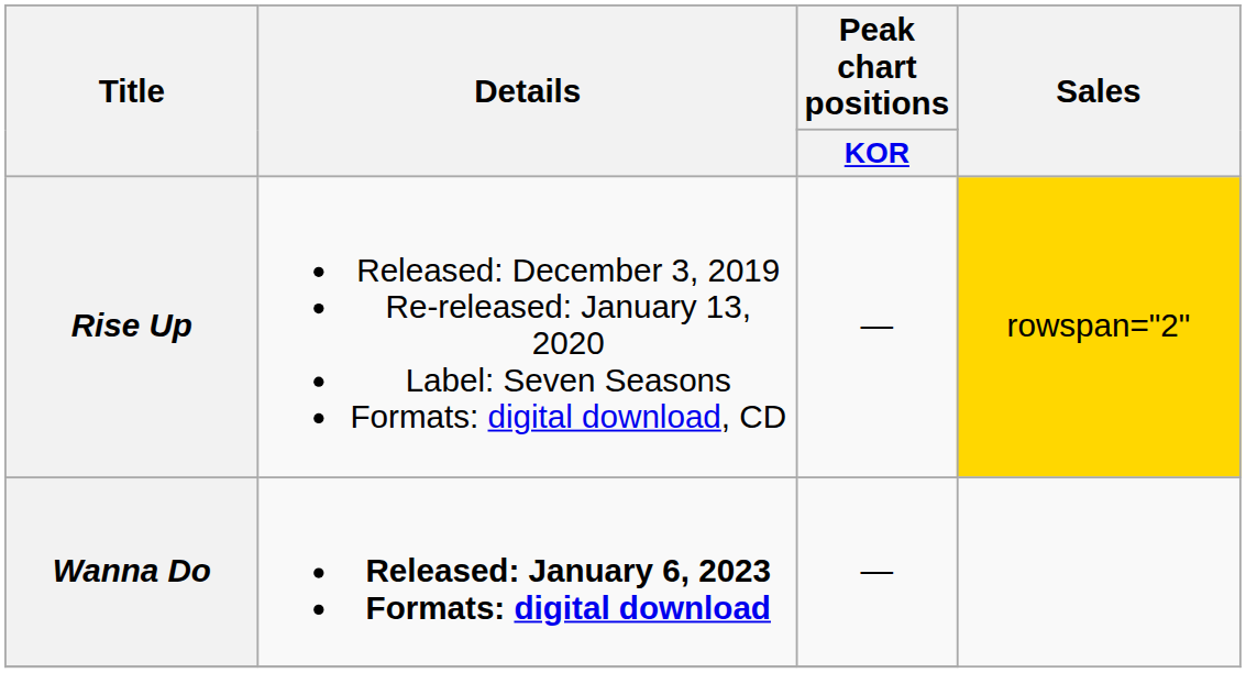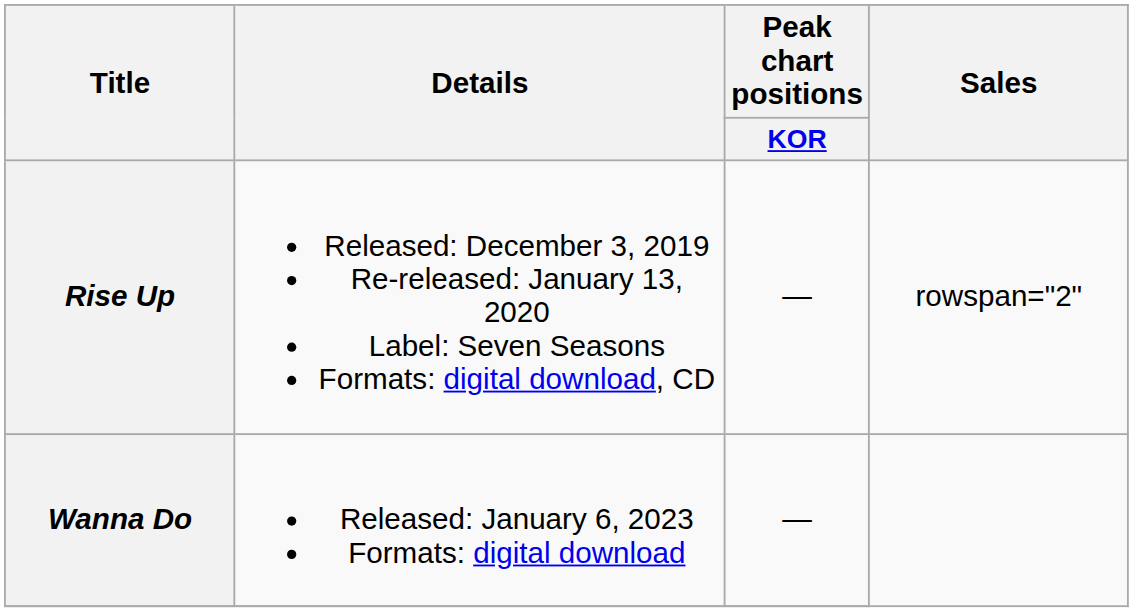 <table class="wikitable plainrowheaders" style="text-align:center;">
 <tr>
 <th scope="col" rowspan="2" style="width:10em;">Title</th>
 <th scope="col" rowspan="2" style="width:22em;">Details</th>
 <th scope="col" colspan="1">Peak chart positions</th>
 <th scope="col" rowspan="2" style="width:10em;">Sales</th>
 </tr>
 <tr>
 <th scope="col" style="font-size:90%; width:3em"><a href='#'>KOR</a></th>
 </tr>
 <tr>
 <th scope="row"><em>Rise Up</em></th>
 <td><br><ul><li>Released: December 3, 2019</li><li>Re-released: January 13, 2020 </li><li>Label: Seven Seasons</li><li>Formats: <a href='#'>digital download</a>, CD</li></ul></td>
 <td>—</td>
-<td style="background: gold;">rowspan="2" </td>
+<td>rowspan="2" </td>
 </tr>
 <tr>
 <th scope="row"><em>Wanna Do</em></th>
-<td><strong><br><ul><li>Released: January 6, 2023</li><li>Formats: <a href='#'>digital download</a></li></ul></strong></td>
+<td><br><ul><li>Released: January 6, 2023</li><li>Formats: <a href='#'>digital download</a></li></ul></td>
 <td>—</td>
 </tr>
 <tr>
 </tr>
 </table>
